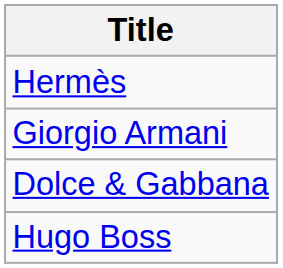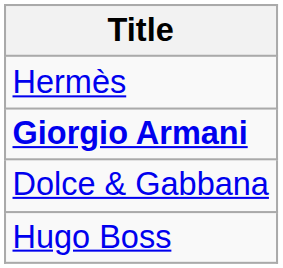 <table class="wikitable">
 <tr>
 <th>Title</th>
 </tr>
 <tr>
 <td><a href='#'>Hermès</a></td>
 </tr>
 <tr>
-<td><a href='#'>Giorgio Armani</a></td>
+<td><strong><a href='#'>Giorgio Armani</a></strong></td>
 </tr>
 <tr>
 <td><a href='#'>Dolce & Gabbana</a></td>
 </tr>
 <tr>
 <td><a href='#'>Hugo Boss</a></td>
 </tr>
 </table>
